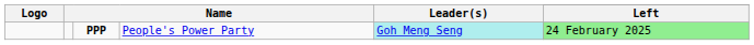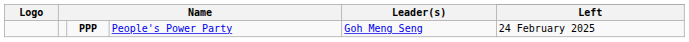 <table class="wikitable" style="width:100%;">
 <tr>
 <th rowspan="2">Logo</th>
 <th colspan="3" rowspan="2">Name</th>
 <th rowspan="2">Leader(s)</th>
 </tr>
 <tr>
 <th>Left</th>
 </tr>
 <tr>
 <td style="text-align:center;"></td>
 <td style="background:"></td>
 <td style="text-align:center;"><strong>PPP</strong></td>
 <td><a href='#'>People's Power Party</a></td>
-<td style="background: paleturquoise;"><a href='#'>Goh Meng Seng</a></td>
-<td style="background: lightgreen;">24 February 2025</td>
+<td><a href='#'>Goh Meng Seng</a></td>
+<td>24 February 2025</td>
 </tr>
 </table>
